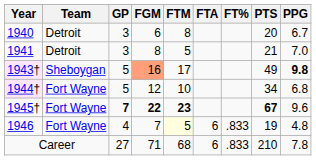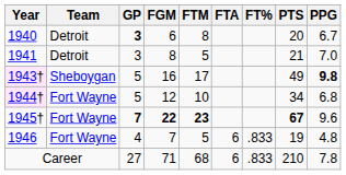 <table class="wikitable sortable" style="font-size:95%; text-align:right;">
 <tr>
 <th>Year</th>
 <th>Team</th>
 <th>GP</th>
 <th>FGM</th>
 <th>FTM</th>
 <th>FTA</th>
 <th>FT%</th>
 <th>PTS</th>
 <th>PPG</th>
 </tr>
 <tr>
 <td style="text-align:left;"><a href='#'>1940</a></td>
 <td style="text-align:left;">Detroit</td>
-<td>3</td>
+<td><strong>3</strong></td>
 <td>6</td>
 <td>8</td>
 <td></td>
 <td></td>
 <td>20</td>
 <td>6.7</td>
 </tr>
 <tr>
 <td style="text-align:left;"><a href='#'>1941</a></td>
 <td style="text-align:left;">Detroit</td>
 <td>3</td>
 <td>8</td>
 <td>5</td>
 <td></td>
 <td></td>
 <td>21</td>
 <td>7.0</td>
 </tr>
 <tr>
 <td style="text-align:left;background:#ffe6fa;"><a href='#'>1943</a>†</td>
 <td style="text-align:left;"><a href='#'>Sheboygan</a></td>
 <td>5</td>
-<td style="background: lightsalmon;">16</td>
+<td>16</td>
 <td>17</td>
 <td></td>
 <td></td>
 <td>49</td>
 <td><strong>9.8</strong></td>
 </tr>
 <tr>
 <td style="text-align:left;background:#ffe6fa;"><a href='#'>1944</a>†</td>
 <td style="text-align:left;"><a href='#'>Fort Wayne</a></td>
 <td>5</td>
 <td>12</td>
 <td>10</td>
 <td></td>
 <td></td>
 <td>34</td>
 <td>6.8</td>
 </tr>
 <tr>
 <td style="text-align:left;"><a href='#'>1945</a>†</td>
 <td style="text-align:left;"><a href='#'>Fort Wayne</a></td>
 <td><strong>7</strong></td>
 <td><strong>22</strong></td>
 <td><strong>23</strong></td>
 <td></td>
 <td></td>
 <td><strong>67</strong></td>
 <td>9.6</td>
 </tr>
 <tr>
 <td style="text-align:left;"><a href='#'>1946</a></td>
 <td style="text-align:left;"><a href='#'>Fort Wayne</a></td>
 <td>4</td>
 <td>7</td>
-<td style="background: lightyellow;">5</td>
+<td>5</td>
 <td>6</td>
 <td>.833</td>
 <td>19</td>
 <td>4.8</td>
 </tr>
 <tr>
 <td style="text-align:center;" colspan="2">Career</td>
 <td>27</td>
 <td>71</td>
 <td>68</td>
 <td>6</td>
 <td>.833</td>
 <td>210</td>
 <td>7.8</td>
 </tr>
 </table>
